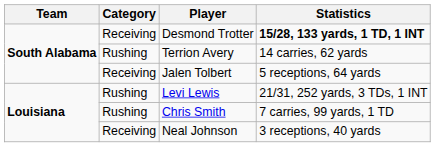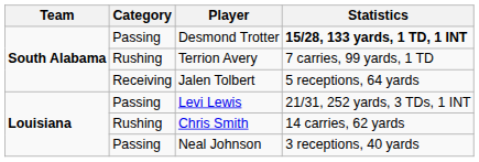 <table class="wikitable" style="float: left;">
 <tr>
 <th>Team</th>
 <th>Category</th>
 <th>Player</th>
 <th>Statistics</th>
 </tr>
 <tr>
 <td rowspan=3><strong>South Alabama</strong></td>
-<td>Receiving</td>
+<td>Passing</td>
 <td>Desmond Trotter</td>
 <td><strong>15/28, 133 yards, 1 TD, 1 INT</strong></td>
 </tr>
 <tr>
 <td>Rushing</td>
 <td>Terrion Avery</td>
-<td>14 carries, 62 yards</td>
+<td>7 carries, 99 yards, 1 TD</td>
 </tr>
 <tr>
 <td>Receiving</td>
 <td>Jalen Tolbert</td>
 <td>5 receptions, 64 yards</td>
 </tr>
 <tr>
 <td rowspan=3><strong>Louisiana</strong></td>
-<td>Rushing</td>
+<td>Passing</td>
 <td><a href='#'>Levi Lewis</a></td>
 <td>21/31, 252 yards, 3 TDs, 1 INT</td>
 </tr>
 <tr>
 <td>Rushing</td>
 <td><a href='#'>Chris Smith</a></td>
-<td>7 carries, 99 yards, 1 TD</td>
+<td>14 carries, 62 yards</td>
 </tr>
 <tr>
-<td>Receiving</td>
+<td>Passing</td>
 <td>Neal Johnson</td>
 <td>3 receptions, 40 yards</td>
 </tr>
 </table>
